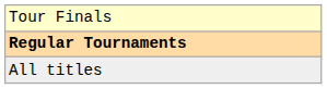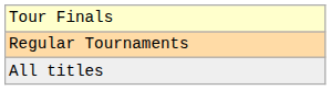 <table class="wikitable" style="font-size:90%;" width=12%>
 <tr bgcolor="#ffffcc">
 <td>Tour Finals</td>
 </tr>
 <tr bgcolor="#FFDBA6">
-<td><strong>Regular Tournaments</strong></td>
+<td>Regular Tournaments</td>
 </tr>
 <tr style="background:#efefef;">
 <td>All titles</td>
 </tr>
 </table>
